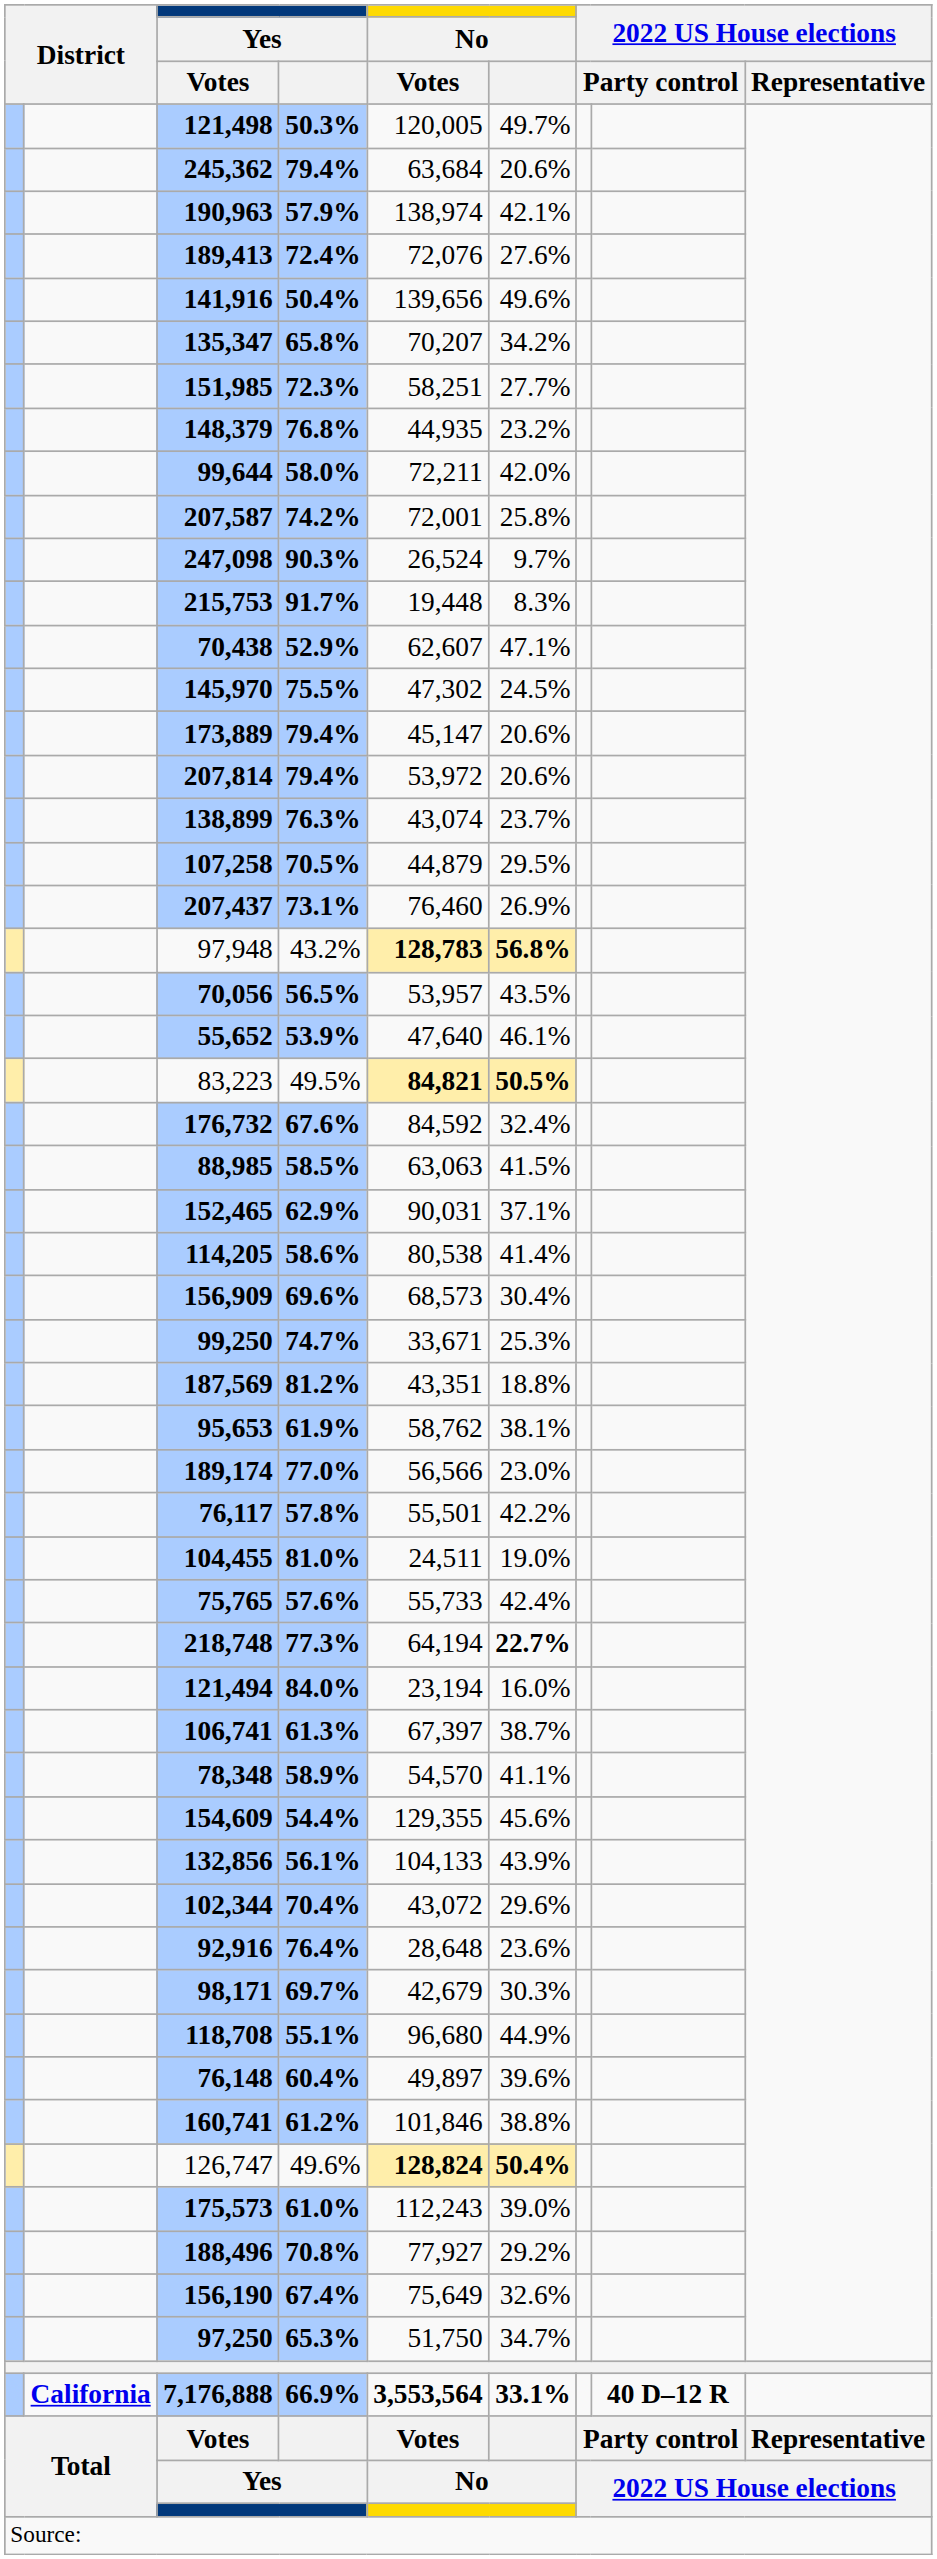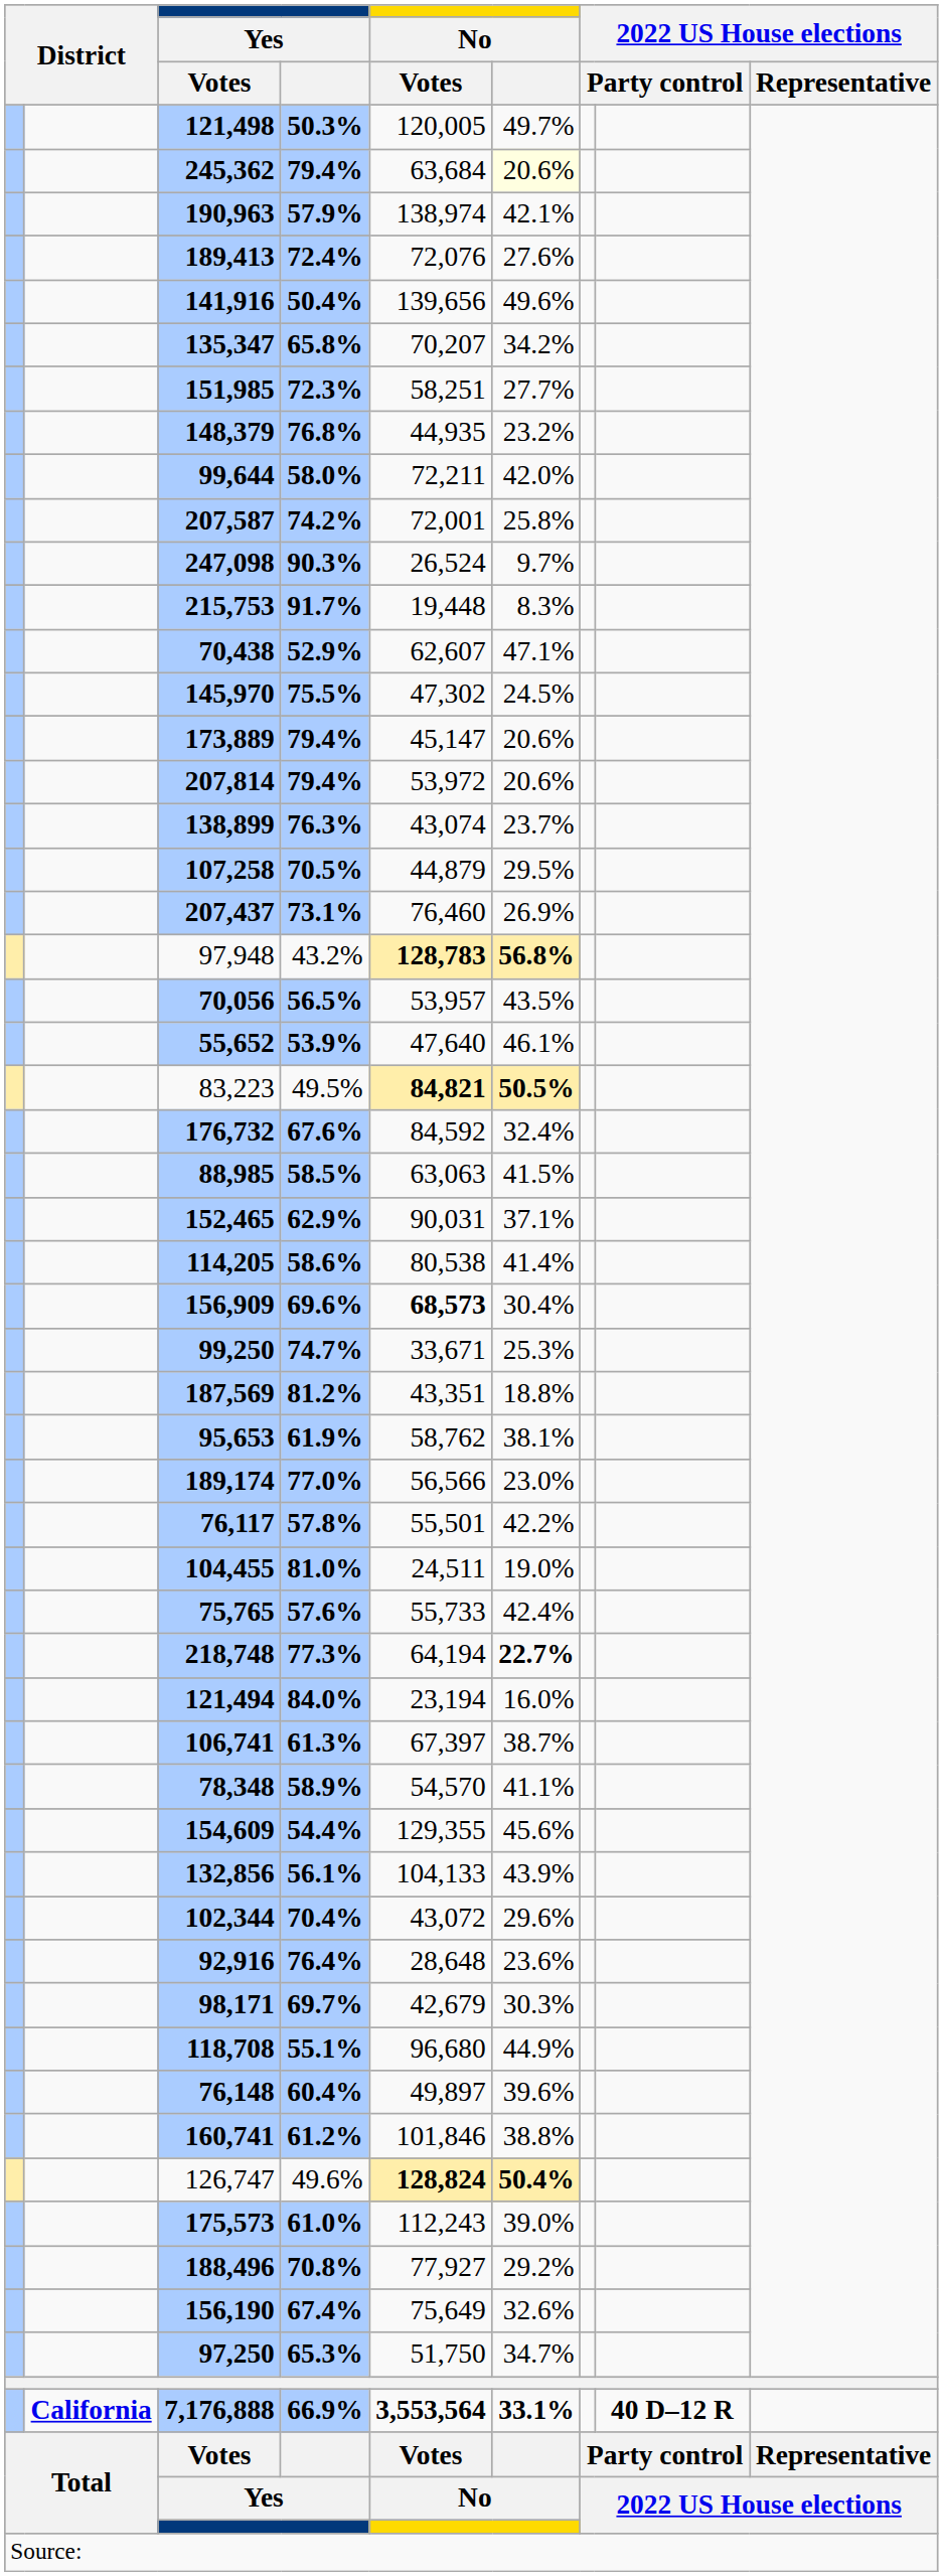 <table class="mw-datatable wikitable sortable" style="text-align:right;">
 <tr>
 <th colspan="2" rowspan="3">District</th>
 <th colspan="2" style="background-color:#01387b;"></th>
 <th colspan="2" style="background-color:#feda00;"></th>
 <th colspan="3" rowspan="2"><a href='#'>2022 US House elections</a></th>
 </tr>
 <tr>
 <th colspan="2">Yes</th>
 <th colspan="2">No</th>
 </tr>
 <tr>
 <th data-sort-type="number">Votes</th>
 <th></th>
 <th data-sort-type="number">Votes</th>
 <th></th>
 <th colspan="2">Party control</th>
 <th>Representative</th>
 </tr>
 <tr>
 <td style="background:#acf;"> </td>
 <td style="text-align:center;"></td>
 <td style="background:#acf; color:#000;"><strong>121,498</strong></td>
 <td style="background:#acf; color:#000;"><strong>50.3%</strong></td>
 <td>120,005</td>
 <td>49.7%</td>
 <td></td>
 <td style="text-align:left;"></td>
 </tr>
 <tr>
 <td style="background:#acf;"> </td>
 <td style="text-align:center;"></td>
 <td style="background:#acf; color:#000;"><strong>245,362</strong></td>
 <td style="background:#acf; color:#000;"><strong>79.4%</strong></td>
 <td>63,684</td>
-<td>20.6%</td>
+<td style="background: lightyellow;">20.6%</td>
 <td></td>
 <td style="text-align:left;"></td>
 </tr>
 <tr>
 <td style="background:#acf;"> </td>
 <td style="text-align:center;"></td>
 <td style="background:#acf; color:#000;"><strong>190,963</strong></td>
 <td style="background:#acf; color:#000;"><strong>57.9%</strong></td>
 <td>138,974</td>
 <td>42.1%</td>
 <td></td>
 <td style="text-align:left;"></td>
 </tr>
 <tr>
 <td style="background:#acf;"> </td>
 <td style="text-align:center;"></td>
 <td style="background:#acf; color:#000;"><strong>189,413</strong></td>
 <td style="background:#acf; color:#000;"><strong>72.4%</strong></td>
 <td>72,076</td>
 <td>27.6%</td>
 <td></td>
 <td style="text-align:left;"></td>
 </tr>
 <tr>
 <td style="background:#acf;"> </td>
 <td style="text-align:center;"></td>
 <td style="background:#acf; color:#000;"><strong>141,916</strong></td>
 <td style="background:#acf; color:#000;"><strong>50.4%</strong></td>
 <td>139,656</td>
 <td>49.6%</td>
 <td></td>
 <td style="text-align:left;"></td>
 </tr>
 <tr>
 <td style="background:#acf;"> </td>
 <td style="text-align:center;"></td>
 <td style="background:#acf; color:#000;"><strong>135,347</strong></td>
 <td style="background:#acf; color:#000;"><strong>65.8%</strong></td>
 <td>70,207</td>
 <td>34.2%</td>
 <td></td>
 <td style="text-align:left;"></td>
 </tr>
 <tr>
 <td style="background:#acf;"> </td>
 <td style="text-align:center;"></td>
 <td style="background:#acf; color:#000;"><strong>151,985</strong></td>
 <td style="background:#acf; color:#000;"><strong>72.3%</strong></td>
 <td>58,251</td>
 <td>27.7%</td>
 <td></td>
 <td style="text-align:left;"></td>
 </tr>
 <tr>
 <td style="background:#acf;"> </td>
 <td style="text-align:center;"></td>
 <td style="background:#acf; color:#000;"><strong>148,379</strong></td>
 <td style="background:#acf; color:#000;"><strong>76.8%</strong></td>
 <td>44,935</td>
 <td>23.2%</td>
 <td></td>
 <td style="text-align:left;"></td>
 </tr>
 <tr>
 <td style="background:#acf;"> </td>
 <td style="text-align:center;"></td>
 <td style="background:#acf; color:#000;"><strong>99,644</strong></td>
 <td style="background:#acf; color:#000;"><strong>58.0%</strong></td>
 <td>72,211</td>
 <td>42.0%</td>
 <td></td>
 <td style="text-align:left;"></td>
 </tr>
 <tr>
 <td style="background:#acf;"> </td>
 <td style="text-align:center;"></td>
 <td style="background:#acf; color:#000;"><strong>207,587</strong></td>
 <td style="background:#acf; color:#000;"><strong>74.2%</strong></td>
 <td>72,001</td>
 <td>25.8%</td>
 <td></td>
 <td style="text-align:left;"></td>
 </tr>
 <tr>
 <td style="background:#acf;"> </td>
 <td style="text-align:center;"></td>
 <td style="background:#acf; color:#000;"><strong>247,098</strong></td>
 <td style="background:#acf; color:#000;"><strong>90.3%</strong></td>
 <td>26,524</td>
 <td>9.7%</td>
 <td></td>
 <td style="text-align:left;"></td>
 </tr>
 <tr>
 <td style="background:#acf;"> </td>
 <td style="text-align:center;"></td>
 <td style="background:#acf; color:#000;"><strong>215,753</strong></td>
 <td style="background:#acf; color:#000;"><strong>91.7%</strong></td>
 <td>19,448</td>
 <td>8.3%</td>
 <td></td>
 <td style="text-align:left;"></td>
 </tr>
 <tr>
 <td style="background:#acf;"> </td>
 <td style="text-align:center;"></td>
 <td style="background:#acf; color:#000;"><strong>70,438</strong></td>
 <td style="background:#acf; color:#000;"><strong>52.9%</strong></td>
 <td>62,607</td>
 <td>47.1%</td>
 <td></td>
 <td style="text-align:left;"></td>
 </tr>
 <tr>
 <td style="background:#acf;"> </td>
 <td style="text-align:center;"></td>
 <td style="background:#acf; color:#000;"><strong>145,970</strong></td>
 <td style="background:#acf; color:#000;"><strong>75.5%</strong></td>
 <td>47,302</td>
 <td>24.5%</td>
 <td></td>
 <td style="text-align:left;"></td>
 </tr>
 <tr>
 <td style="background:#acf;"> </td>
 <td style="text-align:center;"></td>
 <td style="background:#acf; color:#000;"><strong>173,889</strong></td>
 <td style="background:#acf; color:#000;"><strong>79.4%</strong></td>
 <td>45,147</td>
 <td>20.6%</td>
 <td></td>
 <td style="text-align:left;"></td>
 </tr>
 <tr>
 <td style="background:#acf;"> </td>
 <td style="text-align:center;"></td>
 <td style="background:#acf; color:#000;"><strong>207,814</strong></td>
 <td style="background:#acf; color:#000;"><strong>79.4%</strong></td>
 <td>53,972</td>
 <td>20.6%</td>
 <td></td>
 <td style="text-align:left;"></td>
 </tr>
 <tr>
 <td style="background:#acf;"> </td>
 <td style="text-align:center;"></td>
 <td style="background:#acf; color:#000;"><strong>138,899 </strong></td>
 <td style="background:#acf; color:#000;"><strong>76.3%</strong></td>
 <td>43,074</td>
 <td>23.7%</td>
 <td></td>
 <td style="text-align:left;"></td>
 </tr>
 <tr>
 <td style="background:#acf;"> </td>
 <td style="text-align:center;"></td>
 <td style="background:#acf; color:#000;"><strong>107,258</strong></td>
 <td style="background:#acf; color:#000;"><strong>70.5%</strong></td>
 <td>44,879</td>
 <td>29.5%</td>
 <td></td>
 <td style="text-align:left;"></td>
 </tr>
 <tr>
 <td style="background:#acf;"> </td>
 <td style="text-align:center;"></td>
 <td style="background:#acf; color:#000;"><strong>207,437</strong></td>
 <td style="background:#acf; color:#000;"><strong>73.1%</strong></td>
 <td>76,460</td>
 <td>26.9%</td>
 <td></td>
 <td style="text-align:left;"></td>
 </tr>
 <tr>
 <td style="background:#fea;"> </td>
 <td style="text-align:center;"></td>
 <td>97,948</td>
 <td>43.2%</td>
 <td style="background:#fea; color:#000;"><strong>128,783</strong></td>
 <td style="background:#fea; color:#000;"><strong>56.8%</strong></td>
 <td></td>
 <td style="text-align:left;"></td>
 </tr>
 <tr>
 <td style="background:#acf;"> </td>
 <td style="text-align:center;"></td>
 <td style="background:#acf; color:#000;"><strong>70,056</strong></td>
 <td style="background:#acf; color:#000;"><strong>56.5%</strong></td>
 <td>53,957</td>
 <td>43.5%</td>
 <td></td>
 <td style="text-align:left;"></td>
 </tr>
 <tr>
 <td style="background:#acf;"> </td>
 <td style="text-align:center;"></td>
 <td style="background:#acf; color:#000;"><strong>55,652</strong></td>
 <td style="background:#acf; color:#000;"><strong>53.9%</strong></td>
 <td>47,640</td>
 <td>46.1%</td>
 <td></td>
 <td style="text-align:left;"></td>
 </tr>
 <tr>
 <td style="background:#fea;"> </td>
 <td style="text-align:center;"></td>
 <td>83,223</td>
 <td>49.5%</td>
 <td style="background:#fea; color:#000;"><strong>84,821</strong></td>
 <td style="background:#fea; color:#000;"><strong>50.5%</strong></td>
 <td></td>
 <td style="text-align:left;"></td>
 </tr>
 <tr>
 <td style="background:#acf;"> </td>
 <td style="text-align:center;"></td>
 <td style="background:#acf; color:#000;"><strong>176,732</strong></td>
 <td style="background:#acf; color:#000;"><strong>67.6%</strong></td>
 <td>84,592</td>
 <td>32.4%</td>
 <td></td>
 <td style="text-align:left;"></td>
 </tr>
 <tr>
 <td style="background:#acf;"> </td>
 <td style="text-align:center;"></td>
 <td style="background:#acf; color:#000;"><strong>88,985</strong></td>
 <td style="background:#acf; color:#000;"><strong>58.5%</strong></td>
 <td>63,063</td>
 <td>41.5%</td>
 <td></td>
 <td style="text-align:left;"></td>
 </tr>
 <tr>
 <td style="background:#acf;"> </td>
 <td style="text-align:center;"></td>
 <td style="background:#acf; color:#000;"><strong>152,465</strong></td>
 <td style="background:#acf; color:#000;"><strong>62.9%</strong></td>
 <td>90,031</td>
 <td>37.1%</td>
 <td></td>
 <td style="text-align:left;"></td>
 </tr>
 <tr>
 <td style="background:#acf;"> </td>
 <td style="text-align:center;"></td>
 <td style="background:#acf; color:#000;"><strong>114,205</strong></td>
 <td style="background:#acf; color:#000;"><strong>58.6%</strong></td>
 <td>80,538</td>
 <td>41.4%</td>
 <td></td>
 <td style="text-align:left;"></td>
 </tr>
 <tr>
 <td style="background:#acf;"> </td>
 <td style="text-align:center;"></td>
 <td style="background:#acf; color:#000;"><strong>156,909</strong></td>
 <td style="background:#acf; color:#000;"><strong>69.6%</strong></td>
-<td>68,573</td>
+<td><strong>68,573</strong></td>
 <td>30.4%</td>
 <td></td>
 <td style="text-align:left;"></td>
 </tr>
 <tr>
 <td style="background:#acf;"> </td>
 <td style="text-align:center;"></td>
 <td style="background:#acf; color:#000;"><strong>99,250</strong></td>
 <td style="background:#acf; color:#000;"><strong>74.7%</strong></td>
 <td>33,671</td>
 <td>25.3%</td>
 <td></td>
 <td style="text-align:left;"></td>
 </tr>
 <tr>
 <td style="background:#acf;"> </td>
 <td style="text-align:center;"></td>
 <td style="background:#acf; color:#000;"><strong>187,569</strong></td>
 <td style="background:#acf; color:#000;"><strong>81.2%</strong></td>
 <td>43,351</td>
 <td>18.8%</td>
 <td></td>
 <td style="text-align:left;"></td>
 </tr>
 <tr>
 <td style="background:#acf;"> </td>
 <td style="text-align:center;"></td>
 <td style="background:#acf; color:#000;"><strong>95,653</strong></td>
 <td style="background:#acf; color:#000;"><strong>61.9%</strong></td>
 <td>58,762</td>
 <td>38.1%</td>
 <td></td>
 <td style="text-align:left;"></td>
 </tr>
 <tr>
 <td style="background:#acf;"> </td>
 <td style="text-align:center;"></td>
 <td style="background:#acf; color:#000;"><strong>189,174</strong></td>
 <td style="background:#acf; color:#000;"><strong>77.0%</strong></td>
 <td>56,566</td>
 <td>23.0%</td>
 <td></td>
 <td style="text-align:left;"></td>
 </tr>
 <tr>
 <td style="background:#acf;"> </td>
 <td style="text-align:center;"></td>
 <td style="background:#acf; color:#000;"><strong>76,117</strong></td>
 <td style="background:#acf; color:#000;"><strong>57.8%</strong></td>
 <td>55,501</td>
 <td>42.2%</td>
 <td></td>
 <td style="text-align:left;"></td>
 </tr>
 <tr>
 <td style="background:#acf;"> </td>
 <td style="text-align:center;"></td>
 <td style="background:#acf; color:#000;"><strong>104,455</strong></td>
 <td style="background:#acf; color:#000;"><strong>81.0%</strong></td>
 <td>24,511</td>
 <td>19.0%</td>
 <td></td>
 <td style="text-align:left;"></td>
 </tr>
 <tr>
 <td style="background:#acf;"> </td>
 <td style="text-align:center;"></td>
 <td style="background:#acf; color:#000;"><strong>75,765</strong></td>
 <td style="background:#acf; color:#000;"><strong>57.6%</strong></td>
 <td>55,733</td>
 <td>42.4%</td>
 <td></td>
 <td style="text-align:left;"></td>
 </tr>
 <tr>
 <td style="background:#acf;"> </td>
 <td style="text-align:center;"></td>
 <td style="background:#acf; color:#000;"><strong>218,748</strong></td>
 <td style="background:#acf; color:#000;"><strong>77.3%</strong></td>
 <td>64,194</td>
 <td><strong>22.7%</strong></td>
 <td></td>
 <td style="text-align:left;"></td>
 </tr>
 <tr>
 <td style="background:#acf;"> </td>
 <td style="text-align:center;"></td>
 <td style="background:#acf; color:#000;"><strong>121,494</strong></td>
 <td style="background:#acf; color:#000;"><strong>84.0%</strong></td>
 <td>23,194</td>
 <td>16.0%</td>
 <td></td>
 <td style="text-align:left;"></td>
 </tr>
 <tr>
 <td style="background:#acf;"> </td>
 <td style="text-align:center;"></td>
 <td style="background:#acf; color:#000;"><strong>106,741</strong></td>
 <td style="background:#acf; color:#000;"><strong>61.3%</strong></td>
 <td>67,397</td>
 <td>38.7%</td>
 <td></td>
 <td style="text-align:left;"></td>
 </tr>
 <tr>
 <td style="background:#acf;"> </td>
 <td style="text-align:center;"></td>
 <td style="background:#acf; color:#000;"><strong>78,348</strong></td>
 <td style="background:#acf; color:#000;"><strong>58.9%</strong></td>
 <td>54,570</td>
 <td>41.1%</td>
 <td></td>
 <td style="text-align:left;"></td>
 </tr>
 <tr>
 <td style="background:#acf;"> </td>
 <td style="text-align:center;"></td>
 <td style="background:#acf; color:#000;"><strong>154,609</strong></td>
 <td style="background:#acf; color:#000;"><strong>54.4%</strong></td>
 <td>129,355</td>
 <td>45.6%</td>
 <td></td>
 <td style="text-align:left;"></td>
 </tr>
 <tr>
 <td style="background:#acf;"> </td>
 <td style="text-align:center;"></td>
 <td style="background:#acf; color:#000;"><strong>132,856</strong></td>
 <td style="background:#acf; color:#000;"><strong>56.1%</strong></td>
 <td>104,133</td>
 <td>43.9%</td>
 <td></td>
 <td style="text-align:left;"></td>
 </tr>
 <tr>
 <td style="background:#acf;"> </td>
 <td style="text-align:center;"></td>
 <td style="background:#acf; color:#000;"><strong>102,344</strong></td>
 <td style="background:#acf; color:#000;"><strong>70.4%</strong></td>
 <td>43,072</td>
 <td>29.6%</td>
 <td></td>
 <td style="text-align:left;"></td>
 </tr>
 <tr>
 <td style="background:#acf;"> </td>
 <td style="text-align:center;"></td>
 <td style="background:#acf; color:#000;"><strong>92,916</strong></td>
 <td style="background:#acf; color:#000;"><strong>76.4%</strong></td>
 <td>28,648</td>
 <td>23.6%</td>
 <td></td>
 <td style="text-align:left;"></td>
 </tr>
 <tr>
 <td style="background:#acf;"> </td>
 <td style="text-align:center;"></td>
 <td style="background:#acf; color:#000;"><strong>98,171</strong></td>
 <td style="background:#acf; color:#000;"><strong>69.7%</strong></td>
 <td>42,679</td>
 <td>30.3%</td>
 <td></td>
 <td style="text-align:left;"></td>
 </tr>
 <tr>
 <td style="background:#acf;"> </td>
 <td style="text-align:center;"></td>
 <td style="background:#acf; color:#000;"><strong>118,708</strong></td>
 <td style="background:#acf; color:#000;"><strong>55.1%</strong></td>
 <td>96,680</td>
 <td>44.9%</td>
 <td></td>
 <td style="text-align:left;"></td>
 </tr>
 <tr>
 <td style="background:#acf;"> </td>
 <td style="text-align:center;"></td>
 <td style="background:#acf; color:#000;"><strong>76,148</strong></td>
 <td style="background:#acf; color:#000;"><strong>60.4%</strong></td>
 <td>49,897</td>
 <td>39.6%</td>
 <td></td>
 <td style="text-align:left;"></td>
 </tr>
 <tr>
 <td style="background:#acf;"> </td>
 <td style="text-align:center;"></td>
 <td style="background:#acf; color:#000;"><strong>160,741</strong></td>
 <td style="background:#acf; color:#000;"><strong>61.2%</strong></td>
 <td>101,846</td>
 <td>38.8%</td>
 <td></td>
 <td style="text-align:left;"></td>
 </tr>
 <tr>
 <td style="background:#fea;"> </td>
 <td style="text-align:center;"></td>
 <td>126,747</td>
 <td>49.6%</td>
 <td style="background:#fea; color:#000;"><strong>128,824 </strong></td>
 <td style="background:#fea; color:#000;"><strong>50.4%</strong></td>
 <td></td>
 <td style="text-align:left;"></td>
 </tr>
 <tr>
 <td style="background:#acf;"> </td>
 <td style="text-align:center;"></td>
 <td style="background:#acf; color:#000;"><strong>175,573</strong></td>
 <td style="background:#acf; color:#000;"><strong>61.0%</strong></td>
 <td>112,243</td>
 <td>39.0%</td>
 <td></td>
 <td style="text-align:left;"></td>
 </tr>
 <tr>
 <td style="background:#acf;"> </td>
 <td style="text-align:center;"></td>
 <td style="background:#acf; color:#000;"><strong>188,496</strong></td>
 <td style="background:#acf; color:#000;"><strong>70.8%</strong></td>
 <td>77,927</td>
 <td>29.2%</td>
 <td></td>
 <td style="text-align:left;"></td>
 </tr>
 <tr>
 <td style="background:#acf;"> </td>
 <td style="text-align:center;"></td>
 <td style="background:#acf; color:#000;"><strong>156,190</strong></td>
 <td style="background:#acf; color:#000;"><strong>67.4%</strong></td>
 <td>75,649</td>
 <td>32.6%</td>
 <td></td>
 <td style="text-align:left;"></td>
 </tr>
 <tr>
 <td style="background:#acf;"> </td>
 <td style="text-align:center;"></td>
 <td style="background:#acf; color:#000;"><strong>97,250</strong></td>
 <td style="background:#acf; color:#000;"><strong>65.3%</strong></td>
 <td>51,750</td>
 <td>34.7%</td>
 <td></td>
 <td style="text-align:left;"></td>
 </tr>
 <tr class="sortbottom">
 <th colspan="9"></th>
 </tr>
 <tr class="sortbottom" style="font-weight:bold;">
 <td style="background:#acf;"> </td>
 <td style="text-align:left;"><a href='#'>California</a></td>
 <td style="background:#acf; color:#000;">7,176,888</td>
 <td style="background:#acf; color:#000;">66.9%</td>
 <td>3,553,564</td>
 <td>33.1%</td>
 <td></td>
 <td style="text-align:center;">40 D–12 R</td>
 </tr>
 <tr class="sortbottom">
 <th colspan="2" rowspan="3">Total</th>
 <th>Votes</th>
 <th></th>
 <th>Votes</th>
 <th></th>
 <th colspan="2">Party control</th>
 <th>Representative</th>
 </tr>
 <tr class="sortbottom">
 <th colspan="2">Yes</th>
 <th colspan="2">No</th>
 <th colspan="3" rowspan="2"><a href='#'>2022 US House elections</a></th>
 </tr>
 <tr class="sortbottom">
 <th colspan="2" style="background-color:#01387b;"></th>
 <th colspan="2" style="background-color:#feda00;"></th>
 </tr>
 <tr class="sortbottom">
 <td colspan="9" style="font-size:85%; text-align:left;">Source: </td>
 </tr>
 </table>
